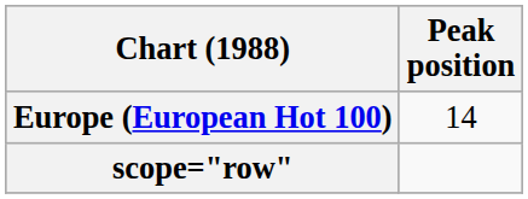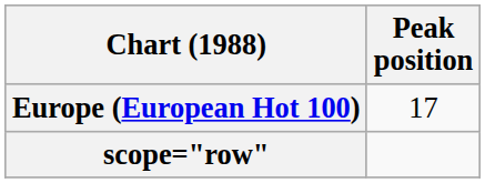 <table class="wikitable sortable plainrowheaders">
 <tr>
 <th>Chart (1988)</th>
 <th>Peak<br>position</th>
 </tr>
 <tr>
 <th scope="row">Europe (<a href='#'>European Hot 100</a>)</th>
-<td align="center">14</td>
+<td align="center">17</td>
 </tr>
 <tr>
 <th>scope="row"</th>
 </tr>
 </table>
